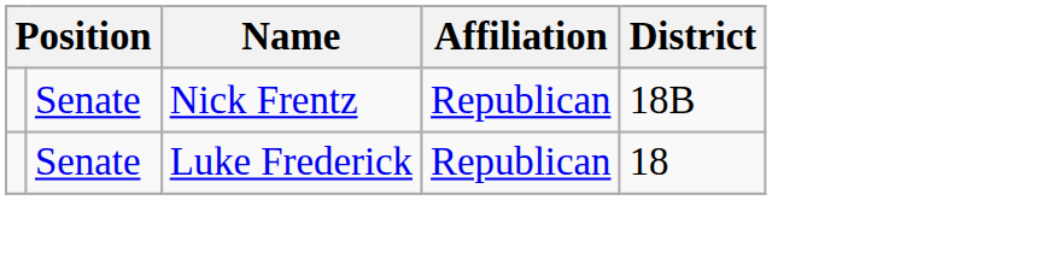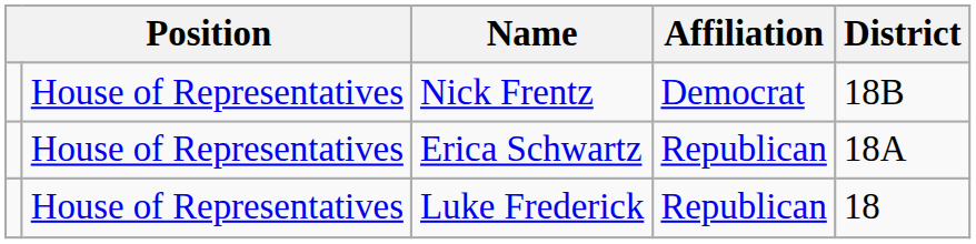 <table class="wikitable">
 <tr>
 <th colspan="2">Position</th>
 <th>Name</th>
 <th>Affiliation</th>
 <th>District</th>
 </tr>
 <tr>
 <td style="background-color:"></td>
-<td><a href='#'>Senate</a></td>
+<td><a href='#'>House of Representatives</a></td>
 <td><a href='#'>Nick Frentz</a></td>
-<td><a href='#'>Republican</a></td>
+<td><a href='#'>Democrat</a></td>
 <td>18B</td>
 </tr>
 <tr>
 <td style="background-color:"></td>
-<td><a href='#'>Senate</a></td>
+<td><a href='#'>House of Representatives</a></td>
+<td><a href='#'>Erica Schwartz</a></td>
+<td><a href='#'>Republican</a></td>
+<td>18A</td>
+</tr>
+<tr>
+<td style="background-color:"></td>
+<td><a href='#'>House of Representatives</a></td>
 <td><a href='#'>Luke Frederick</a></td>
 <td><a href='#'>Republican</a></td>
 <td>18</td>
 </tr>
 </table>
